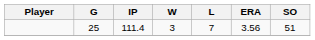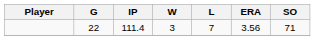 <table class="wikitable sortable">
 <tr>
 <th bgcolor="#DDDDFF" width="16%">Player</th>
 <th bgcolor="#DDDDFF" width="9%">G</th>
 <th bgcolor="#DDDDFF" width="9%">IP</th>
 <th bgcolor="#DDDDFF" width="9%">W</th>
 <th bgcolor="#DDDDFF" width="9%">L</th>
 <th bgcolor="#DDDDFF" width="9%">ERA</th>
 <th bgcolor="#DDDDFF" width="9%">SO</th>
 </tr>
 <tr align="center">
 <td></td>
-<td>25</td>
+<td>22</td>
 <td>111.4</td>
 <td>3</td>
 <td>7</td>
 <td>3.56</td>
-<td>51</td>
+<td>71</td>
 </tr>
 <tr align="center">
 </tr>
 </table>
